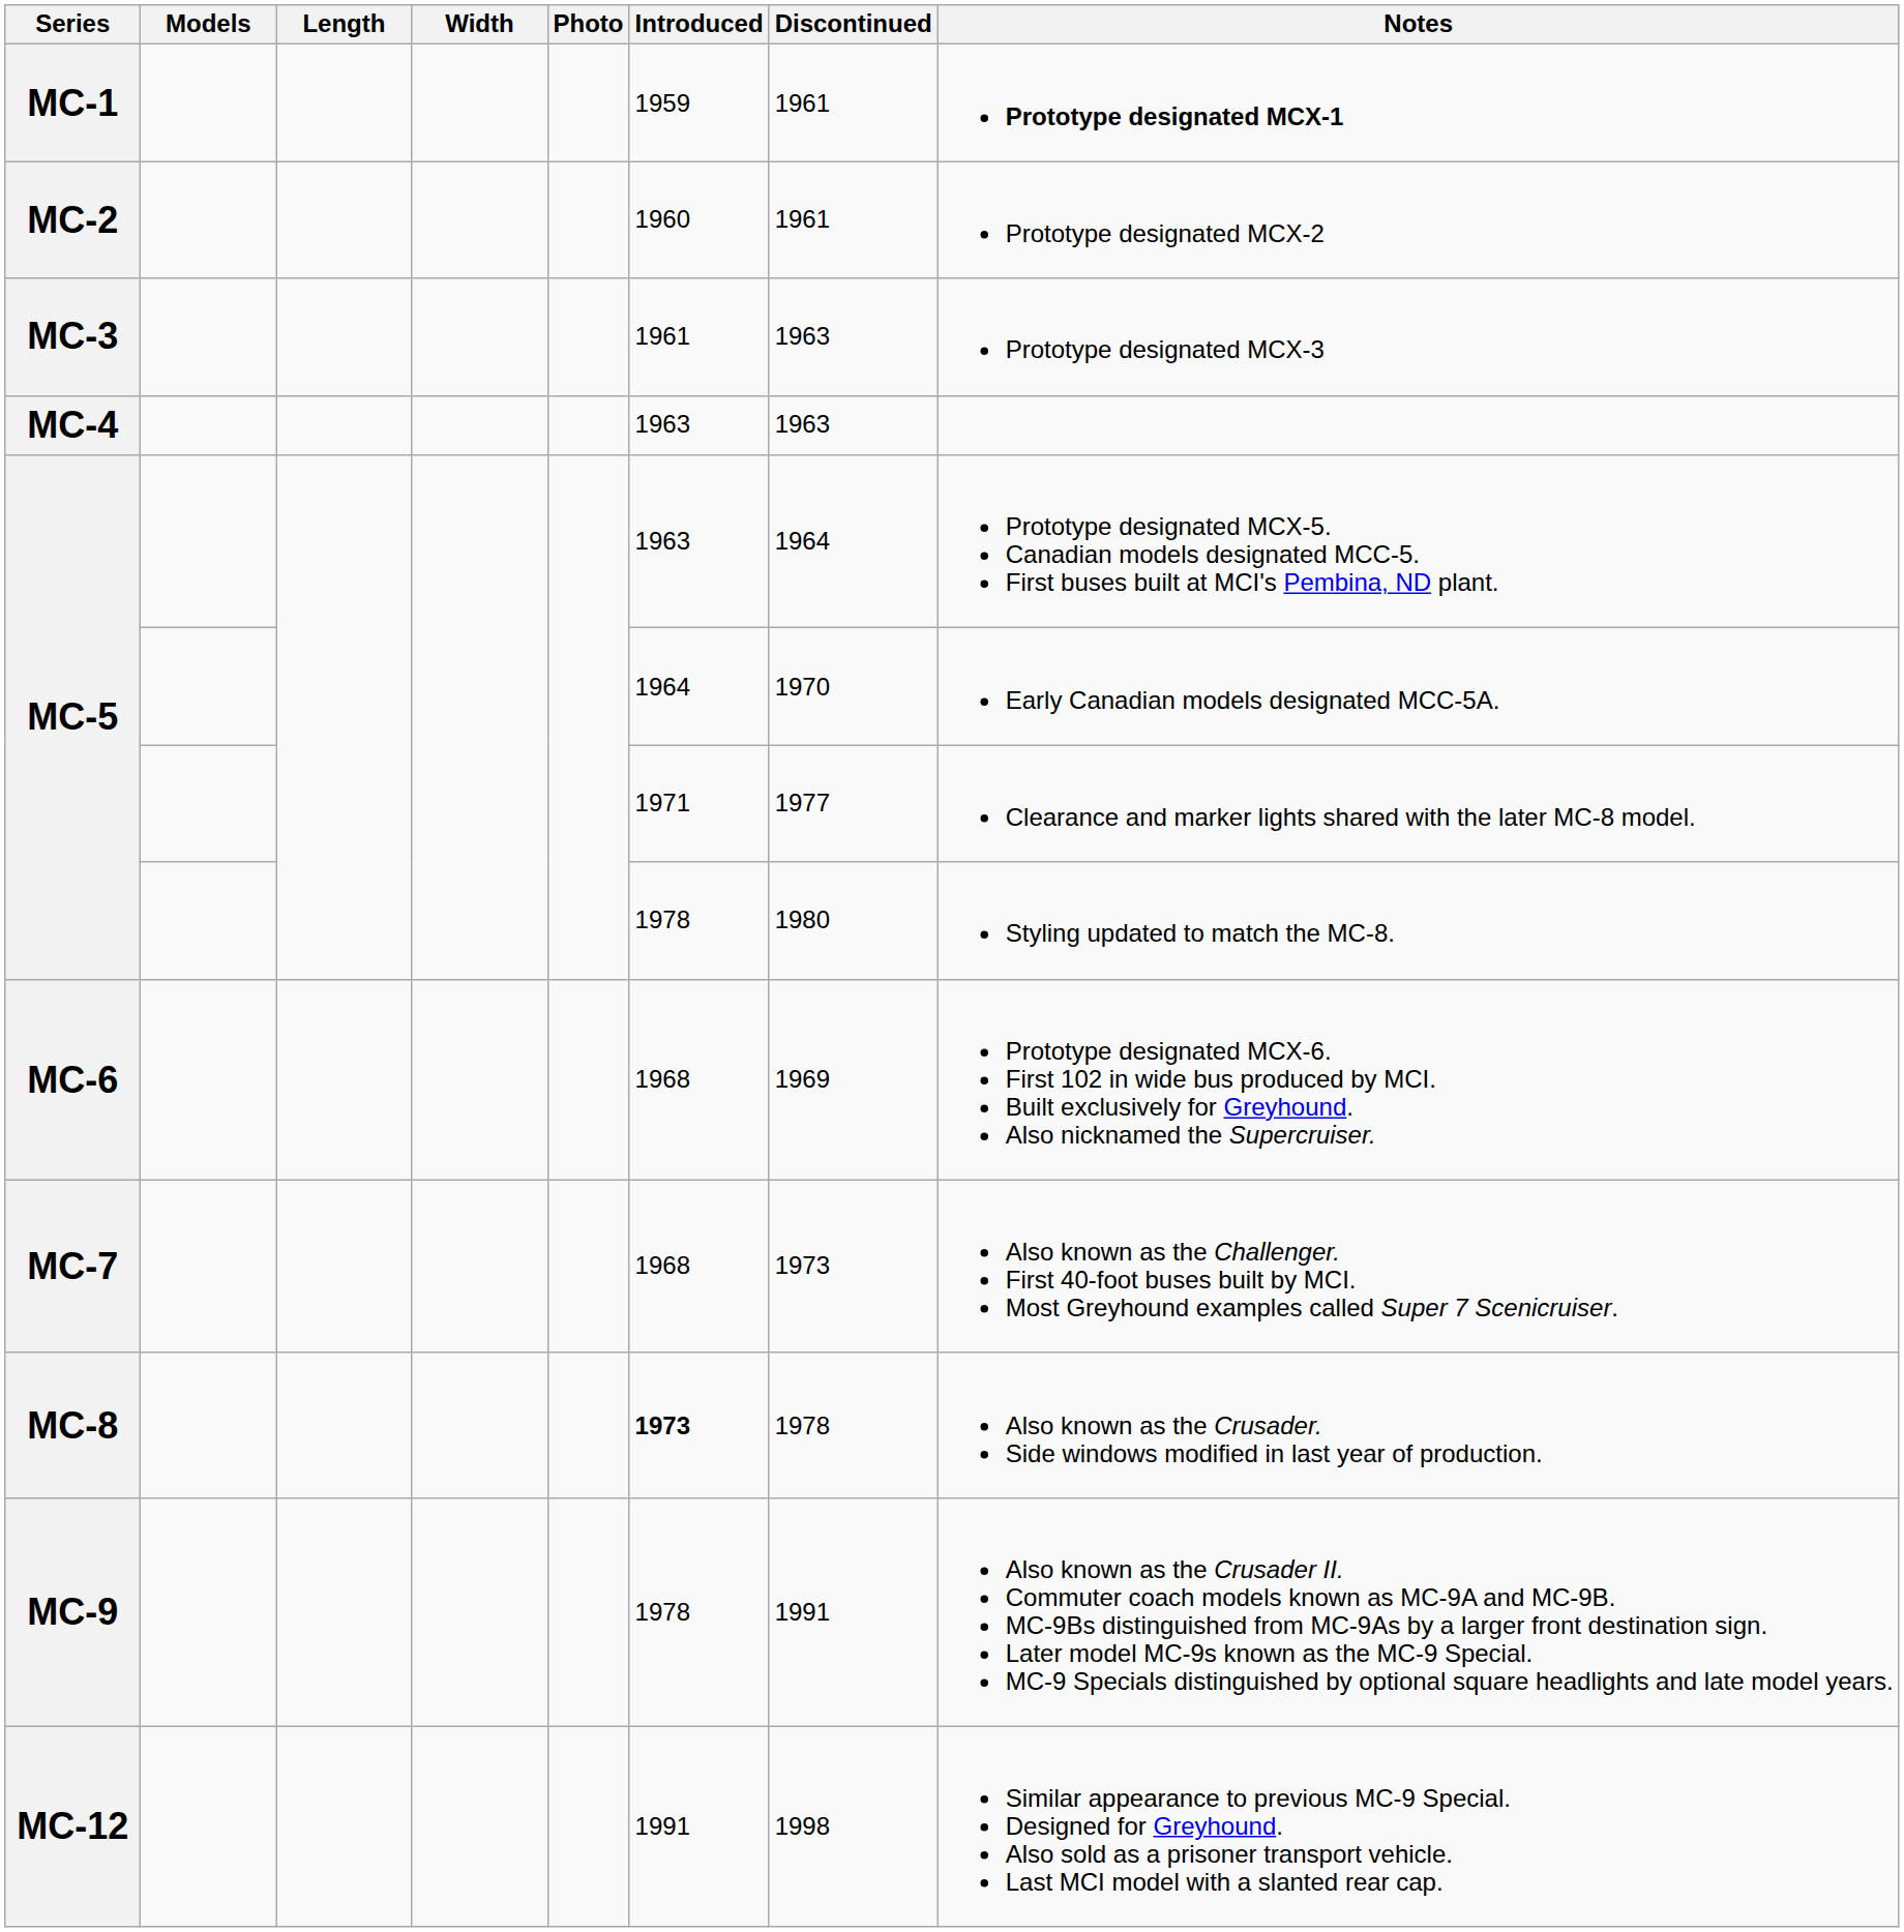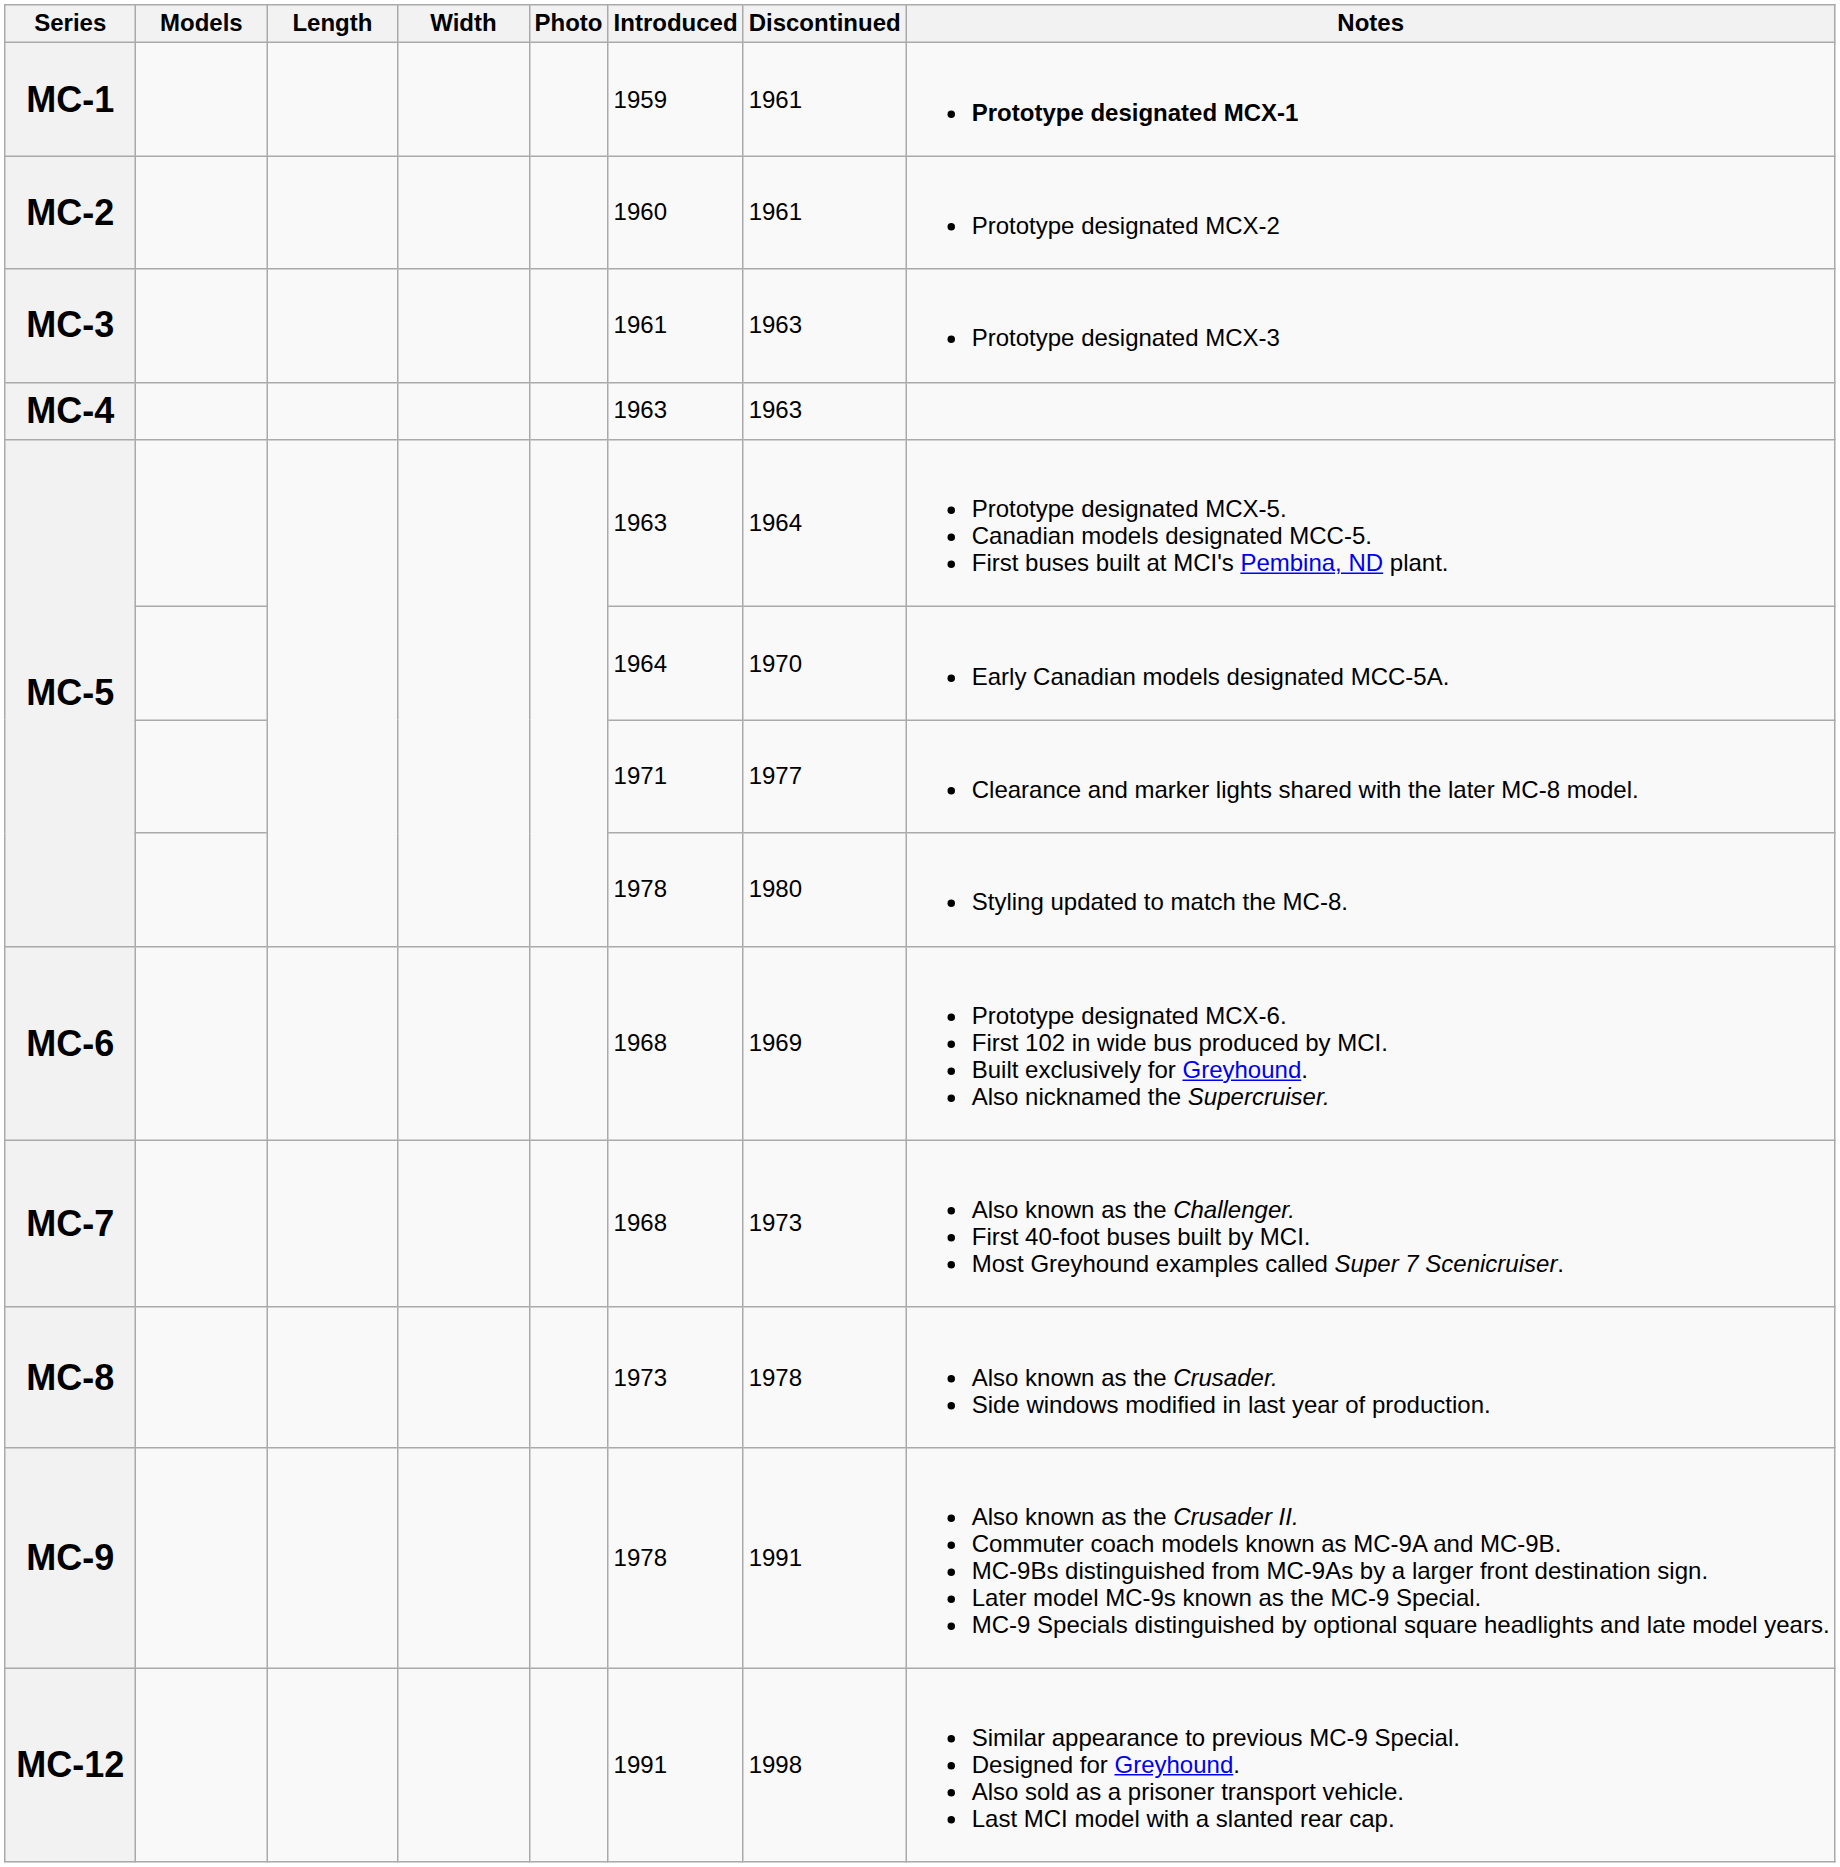 <table class="wikitable sortable">
 <tr>
 <th style="width:80px;">Series</th>
 <th style="width:80px;">Models</th>
 <th style="width:80px;">Length</th>
 <th style="width:80px;">Width</th>
 <th class="unsortable">Photo</th>
 <th>Introduced</th>
 <th>Discontinued</th>
 <th class="unsortable">Notes</th>
 </tr>
 <tr>
 <th style="font-size:150%;">MC-1</th>
 <td style="font-size:85%;"></td>
 <td></td>
 <td></td>
 <td></td>
 <td>1959</td>
 <td>1961</td>
 <td><strong><br><ul><li>Prototype designated MCX-1</li></ul></strong></td>
 </tr>
 <tr>
 <th style="font-size:150%;">MC-2</th>
 <td style="font-size:85%;"></td>
 <td></td>
 <td></td>
 <td></td>
 <td>1960</td>
 <td>1961</td>
 <td><br><ul><li>Prototype designated MCX-2</li></ul></td>
 </tr>
 <tr>
 <th style="font-size:150%;">MC-3</th>
 <td style="font-size:85%;"></td>
 <td></td>
 <td></td>
 <td></td>
 <td>1961</td>
 <td>1963</td>
 <td><br><ul><li>Prototype designated MCX-3</li></ul></td>
 </tr>
 <tr>
 <th style="font-size:150%;">MC-4</th>
 <td style="font-size:85%;"></td>
 <td></td>
 <td></td>
 <td></td>
 <td>1963</td>
 <td>1963</td>
 <td></td>
 </tr>
 <tr>
 <th rowspan=4 style="font-size:150%;">MC-5</th>
 <td style="font-size:85%;"></td>
 <td rowspan=4></td>
 <td rowspan=4></td>
 <td rowspan=4><small></small></td>
 <td>1963</td>
 <td>1964</td>
 <td><br><ul><li>Prototype designated MCX-5.</li><li>Canadian models designated MCC-5.</li><li>First buses built at MCI's <a href='#'>Pembina, ND</a> plant.</li></ul></td>
 </tr>
 <tr>
 <td style="font-size:85%;"></td>
 <td>1964</td>
 <td>1970</td>
 <td><br><ul><li>Early Canadian models designated MCC-5A.</li></ul></td>
 </tr>
 <tr>
 <td style="font-size:85%;"></td>
 <td>1971</td>
 <td>1977</td>
 <td><br><ul><li>Clearance and marker lights shared with the later MC-8 model.</li></ul></td>
 </tr>
 <tr>
 <td style="font-size:85%;"></td>
 <td>1978</td>
 <td>1980</td>
 <td><br><ul><li>Styling updated to match the MC-8.</li></ul></td>
 </tr>
 <tr>
 <th style="font-size:150%;">MC-6</th>
 <td style="font-size:85%;"></td>
 <td></td>
 <td></td>
 <td><small></small></td>
 <td>1968</td>
 <td>1969</td>
 <td><br><ul><li>Prototype designated MCX-6.</li><li>First 102 in wide bus produced by MCI.</li><li>Built exclusively for <a href='#'>Greyhound</a>.</li><li>Also nicknamed the <em>Supercruiser.</em></li></ul></td>
 </tr>
 <tr>
 <th style="font-size:150%;">MC-7</th>
 <td style="font-size:85%;"></td>
 <td></td>
 <td></td>
 <td><small></small></td>
 <td>1968</td>
 <td>1973</td>
 <td><br><ul><li>Also known as the <em>Challenger.</em></li><li>First 40-foot buses built by MCI.</li><li>Most Greyhound examples called <em>Super 7 Scenicruiser</em>.</li></ul></td>
 </tr>
 <tr>
 <th style="font-size:150%;">MC-8</th>
 <td style="font-size:85%;"></td>
 <td></td>
 <td></td>
 <td><small></small></td>
-<td><strong>1973</strong></td>
+<td>1973</td>
 <td>1978</td>
 <td><br><ul><li>Also known as the <em>Crusader.</em></li><li>Side windows modified in last year of production.</li></ul></td>
 </tr>
 <tr>
 <th style="font-size:150%;">MC-9</th>
 <td style="font-size:85%;"></td>
 <td></td>
 <td></td>
 <td><small></small><br><small></small></td>
 <td>1978</td>
 <td>1991</td>
 <td><br><ul><li>Also known as the <em>Crusader II.</em></li><li>Commuter coach models known as MC-9A and MC-9B.</li><li>MC-9Bs distinguished from MC-9As by a larger front destination sign.</li><li>Later model MC-9s known as the MC-9 Special.</li><li>MC-9 Specials distinguished by optional square headlights and late model years.</li></ul></td>
 </tr>
 <tr>
 <th style="font-size:150%;">MC-12</th>
 <td style="font-size:85%;"></td>
 <td></td>
 <td></td>
 <td><small></small></td>
 <td>1991</td>
 <td>1998</td>
 <td><br><ul><li>Similar appearance to previous MC-9 Special.</li><li>Designed for <a href='#'>Greyhound</a>.</li><li>Also sold as a prisoner transport vehicle.</li><li>Last MCI model with a slanted rear cap.</li></ul></td>
 </tr>
 </table>
